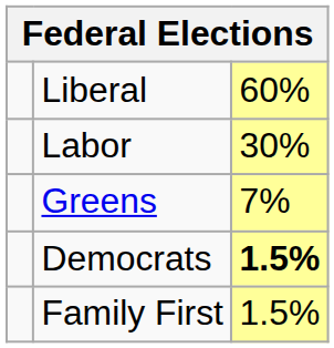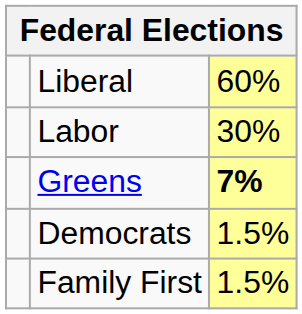 <table class="wikitable" style="float:right; margin-left:1em">
 <tr>
 <th colspan = 3>Federal Elections<small></small></th>
 </tr>
 <tr>
 <td> </td>
 <td>Liberal</td>
 <td bgcolor="FFFF99">60%</td>
 </tr>
 <tr>
 <td> </td>
 <td>Labor</td>
 <td bgcolor="FFFF99">30%</td>
 </tr>
 <tr>
 <td> </td>
 <td><a href='#'>Greens</a></td>
-<td bgcolor="FFFF99">7%</td>
+<td bgcolor="FFFF99"><strong>7%</strong></td>
 </tr>
 <tr>
 <td> </td>
 <td>Democrats</td>
-<td bgcolor="FFFF99"><strong>1.5%</strong></td>
+<td bgcolor="FFFF99">1.5%</td>
 </tr>
 <tr>
 <td> </td>
 <td>Family First</td>
 <td bgcolor="FFFF99">1.5%</td>
 </tr>
 </table>
